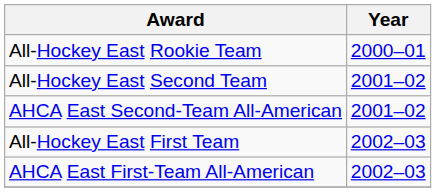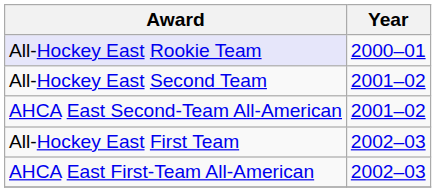 <table class="wikitable">
 <tr>
 <th>Award</th>
 <th>Year</th>
 </tr>
 <tr>
-<td>All-<a href='#'>Hockey East</a> <a href='#'>Rookie Team</a></td>
+<td style="background: lavender;">All-<a href='#'>Hockey East</a> <a href='#'>Rookie Team</a></td>
 <td><a href='#'>2000–01</a></td>
 </tr>
 <tr>
 <td>All-<a href='#'>Hockey East</a> <a href='#'>Second Team</a></td>
 <td><a href='#'>2001–02</a></td>
 </tr>
 <tr>
 <td><a href='#'>AHCA</a> <a href='#'>East Second-Team All-American</a></td>
 <td><a href='#'>2001–02</a></td>
 </tr>
 <tr>
 <td>All-<a href='#'>Hockey East</a> <a href='#'>First Team</a></td>
 <td><a href='#'>2002–03</a></td>
 </tr>
 <tr>
 <td><a href='#'>AHCA</a> <a href='#'>East First-Team All-American</a></td>
 <td><a href='#'>2002–03</a></td>
 </tr>
 <tr>
 </tr>
 </table>
